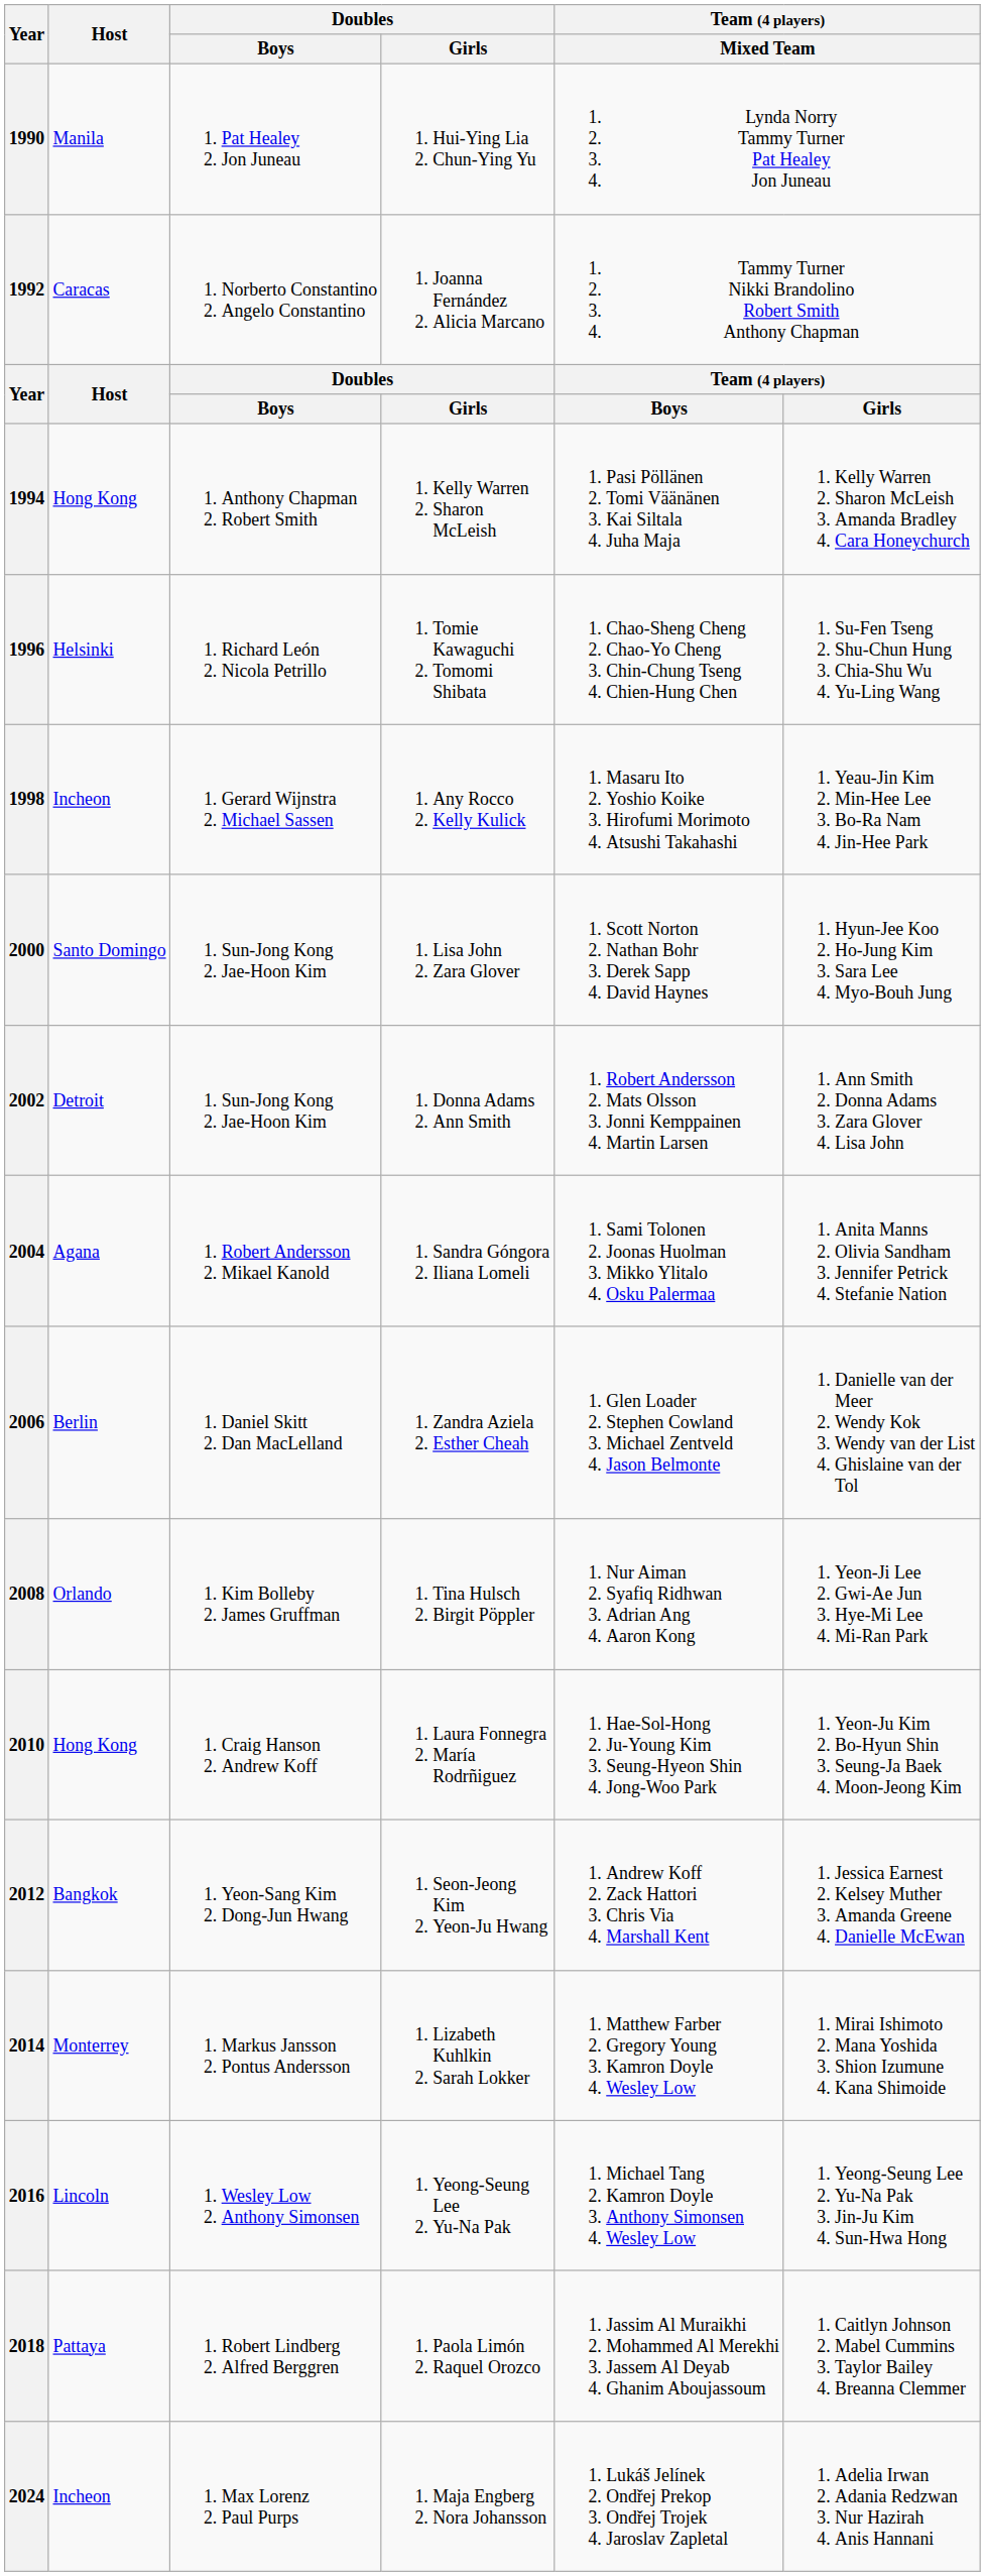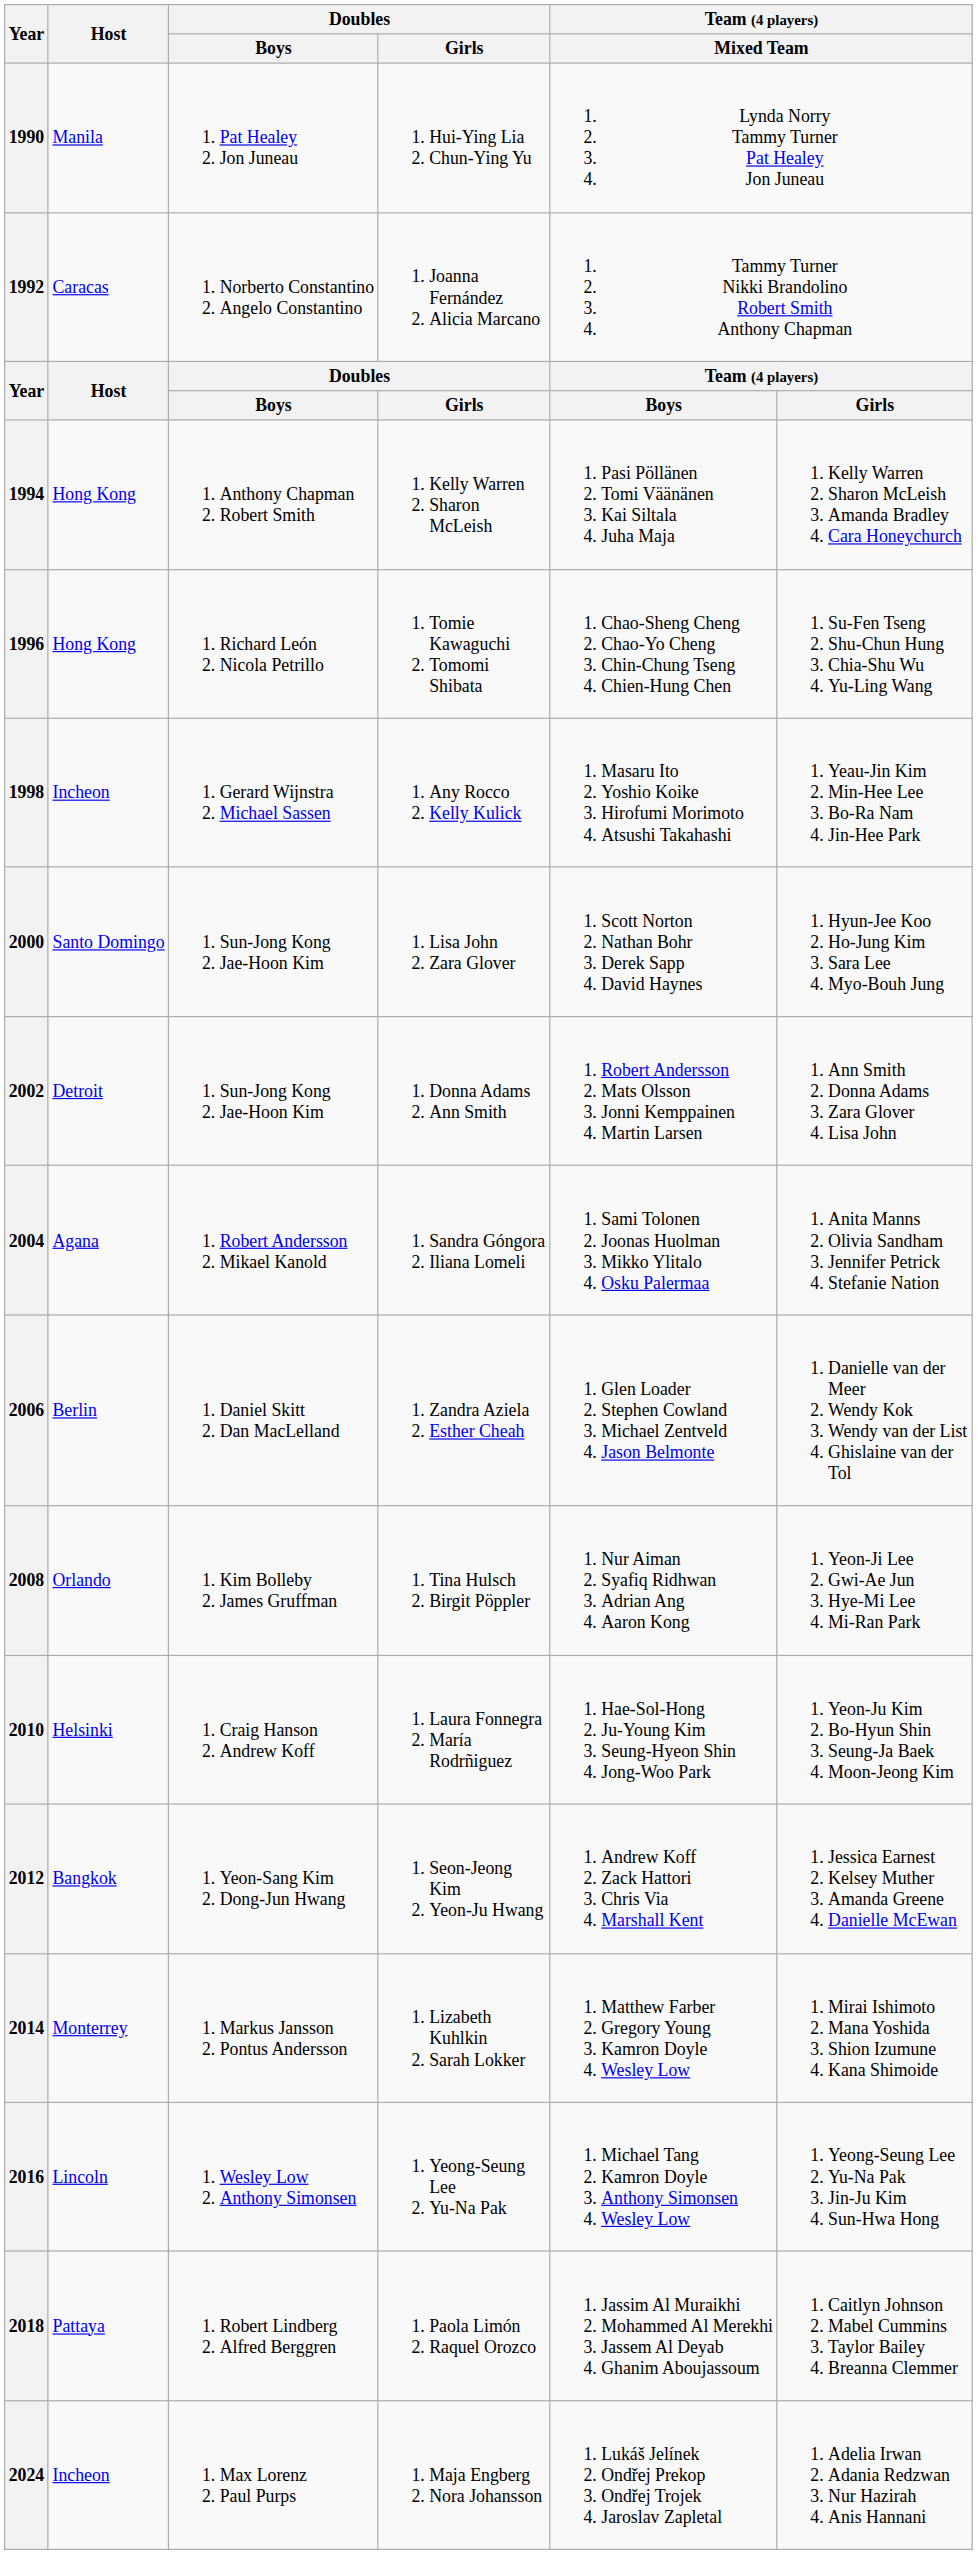 <table class="wikitable" style=font-size:95%>
 <tr>
 <th rowspan="2" style="text-align: center;">Year</th>
 <th rowspan="2" colspan="1" style="text-align: center;">Host</th>
 <th colspan="2" style="text-align: center;">Doubles</th>
 <th colspan="2" style="text-align: center;">Team <small>(4 players)</small></th>
 </tr>
 <tr>
 <th>Boys</th>
 <th scope="col" ! scope="col" style="width: 140px;">Girls</th>
 <th colspan="2" style="text-align: center;">Mixed Team</th>
 </tr>
 <tr>
 <th scope="row">1990</th>
 <td><a href='#'>Manila</a></td>
 <td><br><ol><li><a href='#'>Pat Healey</a></li><li>Jon Juneau</li></ol></td>
 <td><br><ol><li>Hui-Ying Lia</li><li>Chun-Ying Yu</li></ol></td>
 <td colspan="2" style="text-align: center;"><br><ol><li>Lynda Norry</li><li>Tammy Turner</li><li><a href='#'>Pat Healey</a></li><li>Jon Juneau</li></ol></td>
 </tr>
 <tr>
 <th scope="row">1992</th>
 <td><a href='#'>Caracas</a></td>
 <td nowrap><br><ol><li>Norberto Constantino</li><li>Angelo Constantino</li></ol></td>
 <td><br><ol><li>Joanna Fernández</li><li>Alicia Marcano</li></ol></td>
 <td colspan="2" style="text-align: center;"><br><ol><li>Tammy Turner</li><li>Nikki Brandolino</li><li><a href='#'>Robert Smith</a></li><li>Anthony Chapman</li></ol></td>
 </tr>
 <tr>
 <th rowspan="2" style="text-align: center;">Year</th>
 <th rowspan="2" colspan="1" style="text-align: center;">Host</th>
 <th colspan="2" style="text-align: center;">Doubles</th>
 <th colspan="2" style="text-align: center;">Team <small>(4 players)</small></th>
 </tr>
 <tr>
 <th scope="col" style="width: 140px;">Boys</th>
 <th scope="col" ! scope="col" style="width: 140px;">Girls</th>
 <th scope="col" style="width: 160px;">Boys</th>
 <th scope="col" ! scope="col" style="width: 160px;">Girls</th>
 </tr>
 <tr>
 <th scope="row">1994</th>
 <td><a href='#'>Hong Kong</a></td>
 <td><br><ol><li>Anthony Chapman</li><li>Robert Smith</li></ol></td>
 <td><br><ol><li>Kelly Warren</li><li>Sharon McLeish</li></ol></td>
 <td><br><ol><li>Pasi Pöllänen</li><li>Tomi Väänänen</li><li>Kai Siltala</li><li>Juha Maja</li></ol></td>
 <td><br><ol><li>Kelly Warren</li><li>Sharon McLeish</li><li>Amanda Bradley</li><li><a href='#'>Cara Honeychurch</a></li></ol></td>
 </tr>
 <tr>
 <th scope="row">1996</th>
-<td><a href='#'>Helsinki</a></td>
+<td><a href='#'>Hong Kong</a></td>
 <td><br><ol><li>Richard León</li><li>Nicola Petrillo</li></ol></td>
 <td><br><ol><li>Tomie Kawaguchi</li><li>Tomomi Shibata</li></ol></td>
 <td><br><ol><li>Chao-Sheng Cheng</li><li>Chao-Yo Cheng</li><li>Chin-Chung Tseng</li><li>Chien-Hung Chen</li></ol></td>
 <td><br><ol><li>Su-Fen Tseng</li><li>Shu-Chun Hung</li><li>Chia-Shu Wu</li><li>Yu-Ling Wang</li></ol></td>
 </tr>
 <tr>
 <th scope="row">1998</th>
 <td><a href='#'>Incheon</a></td>
 <td><br><ol><li>Gerard Wijnstra</li><li><a href='#'>Michael Sassen</a></li></ol></td>
 <td><br><ol><li>Any Rocco</li><li><a href='#'>Kelly Kulick</a></li></ol></td>
 <td><br><ol><li>Masaru Ito</li><li>Yoshio Koike</li><li>Hirofumi Morimoto</li><li>Atsushi Takahashi</li></ol></td>
 <td><br><ol><li>Yeau-Jin Kim</li><li>Min-Hee Lee</li><li>Bo-Ra Nam</li><li>Jin-Hee Park</li></ol></td>
 </tr>
 <tr>
 <th scope="row">2000</th>
 <td><a href='#'>Santo Domingo</a></td>
 <td><br><ol><li>Sun-Jong Kong</li><li>Jae-Hoon Kim</li></ol></td>
 <td><br><ol><li>Lisa John</li><li>Zara Glover</li></ol></td>
 <td><br><ol><li>Scott Norton</li><li>Nathan Bohr</li><li>Derek Sapp</li><li>David Haynes</li></ol></td>
 <td><br><ol><li>Hyun-Jee Koo</li><li>Ho-Jung Kim</li><li>Sara Lee</li><li>Myo-Bouh Jung</li></ol></td>
 </tr>
 <tr>
 <th scope="row">2002</th>
 <td><a href='#'>Detroit</a></td>
 <td><br><ol><li>Sun-Jong Kong</li><li>Jae-Hoon Kim</li></ol></td>
 <td><br><ol><li>Donna Adams</li><li>Ann Smith</li></ol></td>
 <td><br><ol><li><a href='#'>Robert Andersson</a></li><li>Mats Olsson</li><li>Jonni Kemppainen</li><li>Martin Larsen</li></ol></td>
 <td><br><ol><li>Ann Smith</li><li>Donna Adams</li><li>Zara Glover</li><li>Lisa John</li></ol></td>
 </tr>
 <tr>
 <th scope="row">2004</th>
 <td><a href='#'>Agana</a></td>
 <td><br><ol><li><a href='#'>Robert Andersson</a></li><li>Mikael Kanold</li></ol></td>
 <td><br><ol><li>Sandra Góngora</li><li>Iliana Lomeli</li></ol></td>
 <td><br><ol><li>Sami Tolonen</li><li>Joonas Huolman</li><li>Mikko Ylitalo</li><li><a href='#'>Osku Palermaa</a></li></ol></td>
 <td><br><ol><li>Anita Manns</li><li>Olivia Sandham</li><li>Jennifer Petrick</li><li>Stefanie Nation</li></ol></td>
 </tr>
 <tr>
 <th scope="row">2006</th>
 <td><a href='#'>Berlin</a></td>
 <td><br><ol><li>Daniel Skitt</li><li>Dan MacLelland</li></ol></td>
 <td><br><ol><li>Zandra Aziela</li><li><a href='#'>Esther Cheah</a></li></ol></td>
 <td><br><ol><li>Glen Loader</li><li>Stephen Cowland</li><li>Michael Zentveld</li><li><a href='#'>Jason Belmonte</a></li></ol></td>
 <td><br><ol><li>Danielle van der Meer</li><li>Wendy Kok</li><li>Wendy van der List</li><li>Ghislaine van der Tol</li></ol></td>
 </tr>
 <tr>
 <th scope="row">2008</th>
 <td><a href='#'>Orlando</a></td>
 <td><br><ol><li>Kim Bolleby</li><li>James Gruffman</li></ol></td>
 <td><br><ol><li>Tina Hulsch</li><li>Birgit Pöppler</li></ol></td>
 <td><br><ol><li>Nur Aiman</li><li>Syafiq Ridhwan</li><li>Adrian Ang</li><li>Aaron Kong</li></ol></td>
 <td><br><ol><li>Yeon-Ji Lee</li><li>Gwi-Ae Jun</li><li>Hye-Mi Lee</li><li>Mi-Ran Park</li></ol></td>
 </tr>
 <tr>
 <th scope="row">2010</th>
-<td><a href='#'>Hong Kong</a></td>
+<td><a href='#'>Helsinki</a></td>
 <td><br><ol><li>Craig Hanson</li><li>Andrew Koff</li></ol></td>
 <td><br><ol><li>Laura Fonnegra</li><li>María Rodrñiguez</li></ol></td>
 <td><br><ol><li>Hae-Sol-Hong</li><li>Ju-Young Kim</li><li>Seung-Hyeon Shin</li><li>Jong-Woo Park</li></ol></td>
 <td><br><ol><li>Yeon-Ju Kim</li><li>Bo-Hyun Shin</li><li>Seung-Ja Baek</li><li>Moon-Jeong Kim</li></ol></td>
 </tr>
 <tr>
 <th scope="row">2012</th>
 <td><a href='#'>Bangkok</a></td>
 <td><br><ol><li>Yeon-Sang Kim</li><li>Dong-Jun Hwang</li></ol></td>
 <td><br><ol><li>Seon-Jeong Kim</li><li>Yeon-Ju Hwang</li></ol></td>
 <td><br><ol><li>Andrew Koff</li><li>Zack Hattori</li><li>Chris Via</li><li><a href='#'>Marshall Kent</a></li></ol></td>
 <td><br><ol><li>Jessica Earnest</li><li>Kelsey Muther</li><li>Amanda Greene</li><li><a href='#'>Danielle McEwan</a></li></ol></td>
 </tr>
 <tr>
 <th scope="row">2014</th>
 <td><a href='#'>Monterrey</a></td>
 <td><br><ol><li>Markus Jansson</li><li>Pontus Andersson</li></ol></td>
 <td><br><ol><li>Lizabeth Kuhlkin</li><li>Sarah Lokker</li></ol></td>
 <td><br><ol><li>Matthew Farber</li><li>Gregory Young</li><li>Kamron Doyle</li><li><a href='#'>Wesley Low</a></li></ol></td>
 <td><br><ol><li>Mirai Ishimoto</li><li>Mana Yoshida</li><li>Shion Izumune</li><li>Kana Shimoide</li></ol></td>
 </tr>
 <tr>
 <th scope="row">2016</th>
 <td><a href='#'>Lincoln</a></td>
 <td><br><ol><li><a href='#'>Wesley Low</a></li><li><a href='#'>Anthony Simonsen</a></li></ol></td>
 <td><br><ol><li>Yeong-Seung Lee</li><li>Yu-Na Pak</li></ol></td>
 <td><br><ol><li>Michael Tang</li><li>Kamron Doyle</li><li><a href='#'>Anthony Simonsen</a></li><li><a href='#'>Wesley Low</a></li></ol></td>
 <td><br><ol><li>Yeong-Seung Lee</li><li>Yu-Na Pak</li><li>Jin-Ju Kim</li><li>Sun-Hwa Hong</li></ol></td>
 </tr>
 <tr>
 <th scope="row">2018</th>
 <td><a href='#'>Pattaya</a></td>
 <td><br><ol><li>Robert Lindberg</li><li>Alfred Berggren</li></ol></td>
 <td><br><ol><li>Paola Limón</li><li>Raquel Orozco</li></ol></td>
 <td nowrap><br><ol><li>Jassim Al Muraikhi</li><li>Mohammed Al Merekhi</li><li>Jassem Al Deyab</li><li>Ghanim Aboujassoum</li></ol></td>
 <td><br><ol><li>Caitlyn Johnson</li><li>Mabel Cummins</li><li>Taylor Bailey</li><li>Breanna Clemmer</li></ol></td>
 </tr>
 <tr>
 <th scope="row">2024</th>
 <td><a href='#'>Incheon</a></td>
 <td><br><ol><li>Max Lorenz</li><li>Paul Purps</li></ol></td>
 <td><br><ol><li>Maja Engberg</li><li>Nora Johansson</li></ol></td>
 <td><br><ol><li>Lukáš Jelínek</li><li>Ondřej Prekop</li><li>Ondřej Trojek</li><li>Jaroslav Zapletal</li></ol></td>
 <td><br><ol><li>Adelia Irwan</li><li>Adania Redzwan</li><li>Nur Hazirah</li><li>Anis Hannani</li></ol></td>
 </tr>
 </table>
